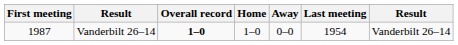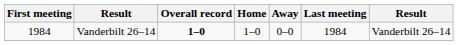 <table class="wikitable">
 <tr align="center">
 <th>First meeting</th>
 <th>Result</th>
 <th>Overall record</th>
 <th>Home</th>
 <th>Away</th>
 <th>Last meeting</th>
 <th>Result</th>
 </tr>
 <tr align="center">
-<td>1987</td>
+<td>1984</td>
 <td>Vanderbilt 26–14</td>
 <td><strong>1–0</strong></td>
 <td>1–0</td>
 <td>0–0</td>
-<td>1954</td>
+<td>1984</td>
 <td>Vanderbilt 26–14</td>
 </tr>
 </table>
